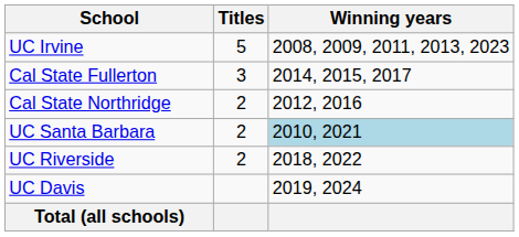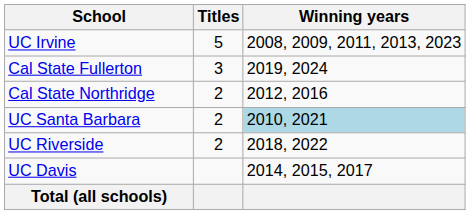 <table class="wikitable">
 <tr>
 <th width=180px>School</th>
 <th width=px>Titles</th>
 <th width=px>Winning years</th>
 </tr>
 <tr>
 <td><a href='#'>UC Irvine</a></td>
 <td align=center>5</td>
 <td>2008, 2009, 2011, 2013, 2023</td>
 </tr>
 <tr>
 <td><a href='#'>Cal State Fullerton</a></td>
 <td align=center>3</td>
-<td>2014, 2015, 2017</td>
+<td>2019, 2024</td>
 </tr>
 <tr>
 <td><a href='#'>Cal State Northridge</a></td>
 <td align=center>2</td>
 <td>2012, 2016</td>
 </tr>
 <tr>
 <td><a href='#'>UC Santa Barbara</a></td>
 <td align=center>2</td>
 <td style="background: lightblue;">2010, 2021</td>
 </tr>
 <tr>
 <td><a href='#'>UC Riverside</a></td>
 <td align=center>2</td>
 <td>2018, 2022</td>
 </tr>
 <tr>
 <td><a href='#'>UC Davis</a></td>
 <td></td>
-<td>2019, 2024</td>
+<td>2014, 2015, 2017</td>
 </tr>
 <tr>
 <th>Total (all schools)</th>
 <th></th>
 <th></th>
 </tr>
 </table>
